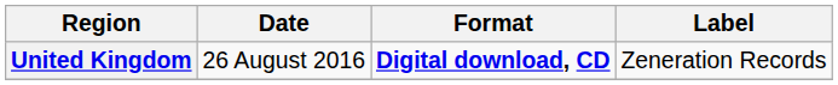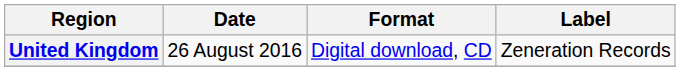 <table class="wikitable sortable plainrowheaders">
 <tr>
 <th>Region</th>
 <th>Date</th>
 <th>Format</th>
 <th>Label</th>
 </tr>
 <tr>
 <th scope="row"><a href='#'>United Kingdom</a></th>
 <td>26 August 2016</td>
-<td><strong><a href='#'>Digital download</a>, <a href='#'>CD</a></strong></td>
+<td><a href='#'>Digital download</a>, <a href='#'>CD</a></td>
 <td>Zeneration Records</td>
 </tr>
 <tr>
 </tr>
 </table>
